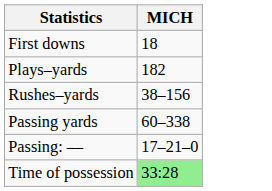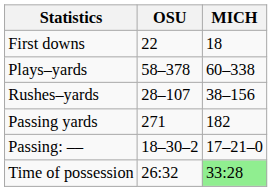 <table class="wikitable" style="float:left">
 <tr>
 <th>Statistics</th>
+<th>OSU</th>
 <th>MICH</th>
 </tr>
 <tr>
 <td>First downs</td>
+<td>22</td>
 <td>18</td>
 </tr>
 <tr>
 <td>Plays–yards</td>
-<td>182</td>
+<td>58–378</td>
+<td>60–338</td>
 </tr>
 <tr>
 <td>Rushes–yards</td>
+<td>28–107</td>
 <td>38–156</td>
 </tr>
 <tr>
 <td>Passing yards</td>
-<td>60–338</td>
+<td>271</td>
+<td>182</td>
 </tr>
 <tr>
 <td>Passing: ––</td>
+<td>18–30–2</td>
 <td>17–21–0</td>
 </tr>
 <tr>
 <td>Time of possession</td>
+<td>26:32</td>
 <td style="background: lightgreen;">33:28</td>
 </tr>
 </table>
